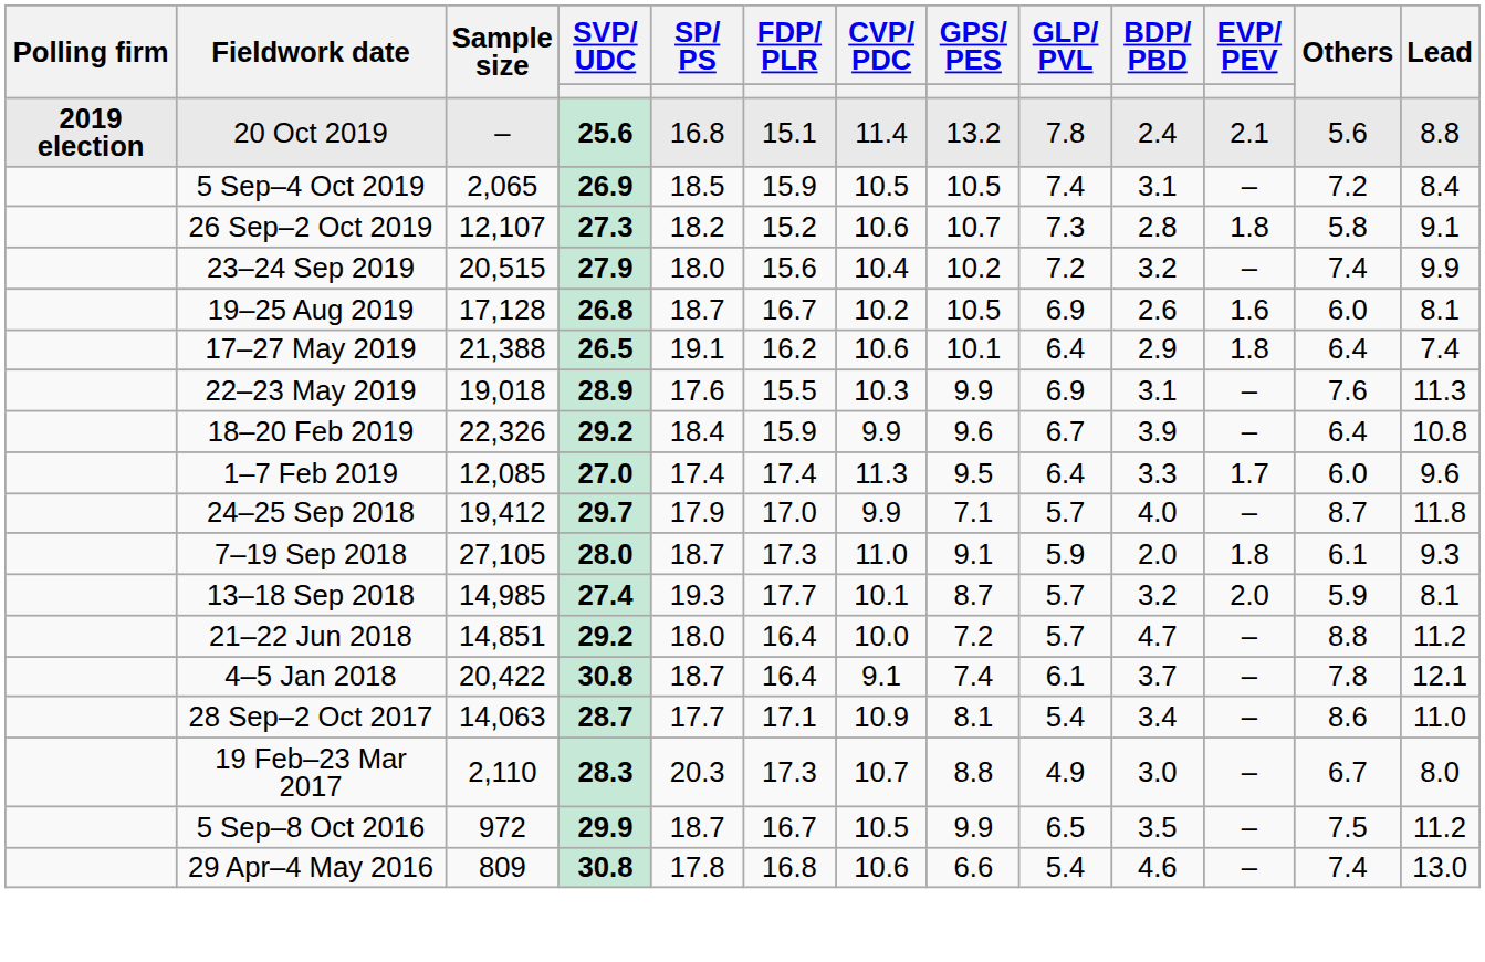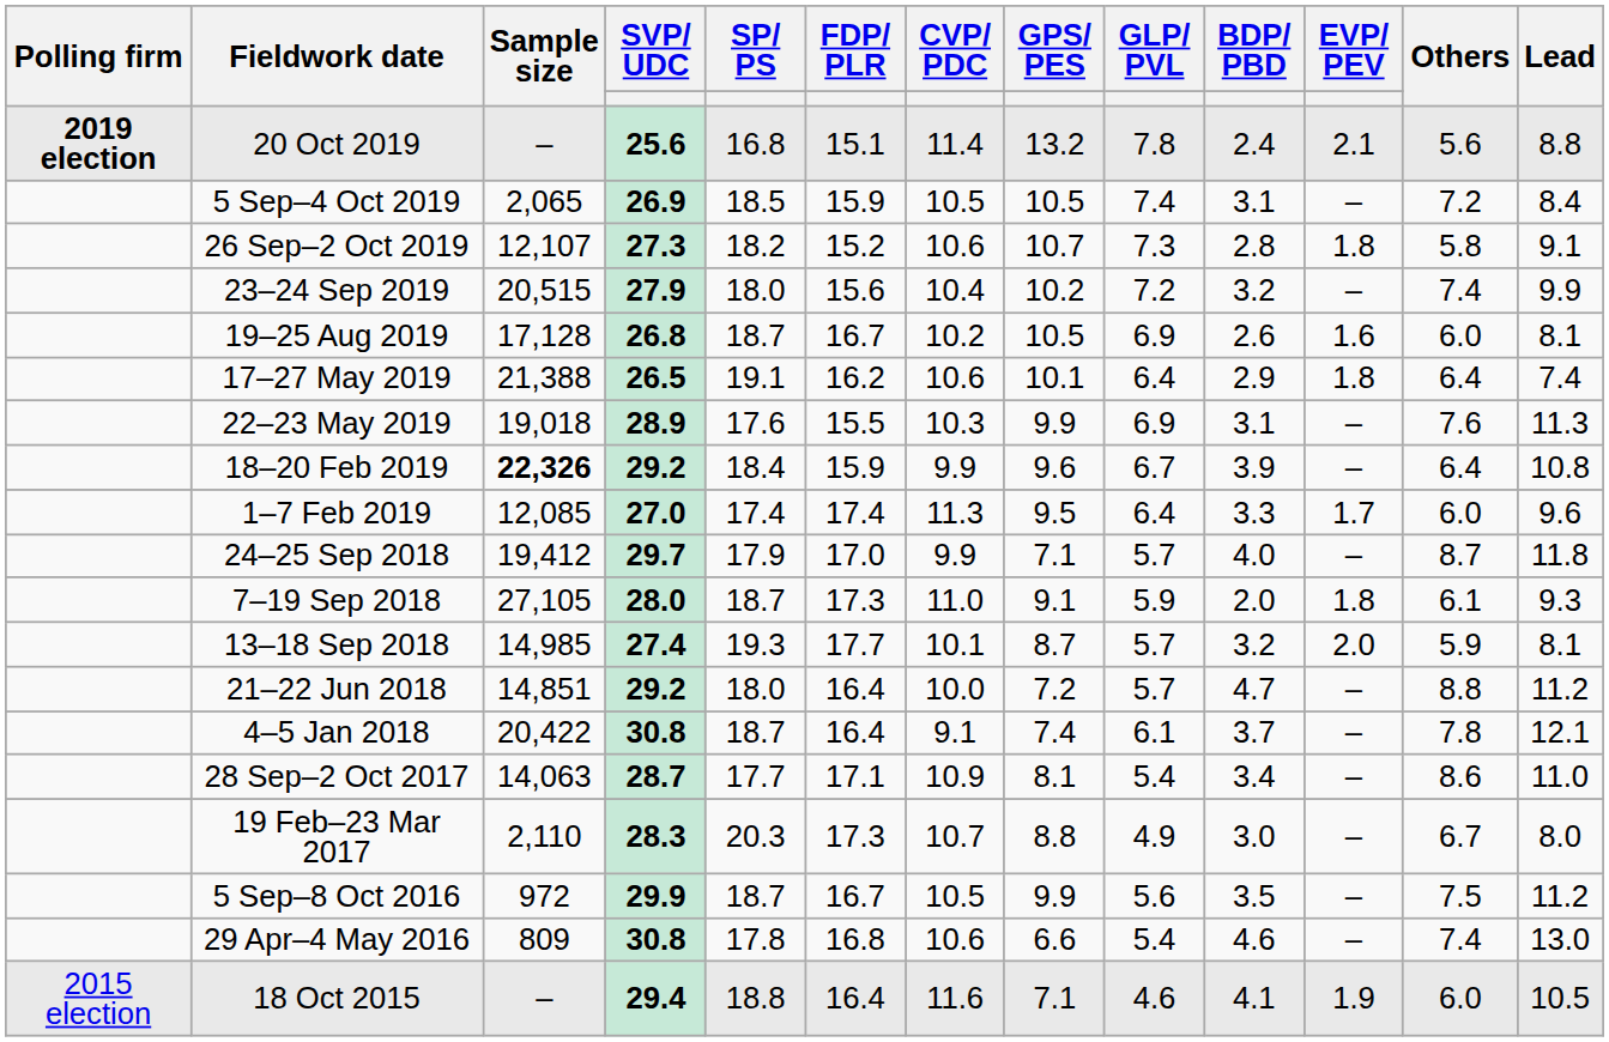 <table class="wikitable sortable" style="text-align:center;font-size:90%;line-height:14px;">
 <tr style="height:40px;">
 <th style="width:80px;" rowspan="2">Polling firm</th>
 <th style="width:130px;" rowspan="2">Fieldwork date</th>
 <th style="width:35px;" rowspan="2">Sample<br>size</th>
 <th class="unsortable" style="width:40px;"><a href='#'>SVP/<br>UDC</a></th>
 <th class="unsortable" style="width:40px;"><a href='#'>SP/<br>PS</a></th>
 <th class="unsortable" style="width:40px;"><a href='#'>FDP/<br>PLR</a></th>
 <th class="unsortable" style="width:40px;"><a href='#'>CVP/<br>PDC</a></th>
 <th class="unsortable" style="width:40px;"><a href='#'>GPS/<br>PES</a></th>
 <th class="unsortable" style="width:40px;"><a href='#'>GLP/<br>PVL</a></th>
 <th class="unsortable" style="width:40px;"><a href='#'>BDP/<br>PBD</a></th>
 <th class="unsortable" style="width:40px;"><a href='#'>EVP/<br>PEV</a></th>
 <th class="unsortable" style="width:30px;" rowspan="2">Others</th>
 <th style="width:30px;" rowspan="2">Lead</th>
 </tr>
 <tr>
 <th style="background:"></th>
 <th style="background:"></th>
 <th style="background:"></th>
 <th style="background:"></th>
 <th style="background:"></th>
 <th style="background:"></th>
 <th style="background:"></th>
 <th style="background:"></th>
 </tr>
 <tr style="background:#E9E9E9;">
 <td><strong>2019 election</strong></td>
 <td data-sort-value="2019-10-20">20 Oct 2019</td>
 <td>–</td>
 <td style="background:#C6E9D7;"><strong>25.6</strong></td>
 <td>16.8</td>
 <td>15.1</td>
 <td>11.4</td>
 <td>13.2</td>
 <td>7.8</td>
 <td>2.4</td>
 <td>2.1</td>
 <td>5.6</td>
 <td style="background:">8.8</td>
 </tr>
 <tr>
 <td></td>
 <td data-sort-value="2019-10-04">5 Sep–4 Oct 2019</td>
 <td>2,065</td>
 <td style="background:#C6E9D7;"><strong>26.9</strong></td>
 <td>18.5</td>
 <td>15.9</td>
 <td>10.5</td>
 <td>10.5</td>
 <td>7.4</td>
 <td>3.1</td>
 <td>–</td>
 <td>7.2</td>
 <td style="background:">8.4</td>
 </tr>
 <tr>
 <td></td>
 <td data-sort-value="2019-10-02">26 Sep–2 Oct 2019</td>
 <td>12,107</td>
 <td style="background:#C6E9D7;"><strong>27.3</strong></td>
 <td>18.2</td>
 <td>15.2</td>
 <td>10.6</td>
 <td>10.7</td>
 <td>7.3</td>
 <td>2.8</td>
 <td>1.8</td>
 <td>5.8</td>
 <td style="background:">9.1</td>
 </tr>
 <tr>
 <td></td>
 <td data-sort-value="2019-09-24">23–24 Sep 2019</td>
 <td>20,515</td>
 <td style="background:#C6E9D7;"><strong>27.9</strong></td>
 <td>18.0</td>
 <td>15.6</td>
 <td>10.4</td>
 <td>10.2</td>
 <td>7.2</td>
 <td>3.2</td>
 <td>–</td>
 <td>7.4</td>
 <td style="background:">9.9</td>
 </tr>
 <tr>
 <td></td>
 <td data-sort-value="2019-08-25">19–25 Aug 2019</td>
 <td>17,128</td>
 <td style="background:#C6E9D7;"><strong>26.8</strong></td>
 <td>18.7</td>
 <td>16.7</td>
 <td>10.2</td>
 <td>10.5</td>
 <td>6.9</td>
 <td>2.6</td>
 <td>1.6</td>
 <td>6.0</td>
 <td style="background:">8.1</td>
 </tr>
 <tr>
 <td></td>
 <td data-sort-value="2019-05-27">17–27 May 2019</td>
 <td>21,388</td>
 <td style="background:#C6E9D7;"><strong>26.5</strong></td>
 <td>19.1</td>
 <td>16.2</td>
 <td>10.6</td>
 <td>10.1</td>
 <td>6.4</td>
 <td>2.9</td>
 <td>1.8</td>
 <td>6.4</td>
 <td style="background:">7.4</td>
 </tr>
 <tr>
 <td></td>
 <td data-sort-value="2019-05-23">22–23 May 2019</td>
 <td>19,018</td>
 <td style="background:#C6E9D7;"><strong>28.9</strong></td>
 <td>17.6</td>
 <td>15.5</td>
 <td>10.3</td>
 <td>9.9</td>
 <td>6.9</td>
 <td>3.1</td>
 <td>–</td>
 <td>7.6</td>
 <td style="background:">11.3</td>
 </tr>
 <tr>
 <td></td>
 <td data-sort-value="2019-02-20">18–20 Feb 2019</td>
-<td>22,326</td>
+<td><strong>22,326</strong></td>
 <td style="background:#C6E9D7;"><strong>29.2</strong></td>
 <td>18.4</td>
 <td>15.9</td>
 <td>9.9</td>
 <td>9.6</td>
 <td>6.7</td>
 <td>3.9</td>
 <td>–</td>
 <td>6.4</td>
 <td style="background:">10.8</td>
 </tr>
 <tr>
 <td></td>
 <td data-sort-value="2019-02-07">1–7 Feb 2019</td>
 <td>12,085</td>
 <td style="background:#C6E9D7;"><strong>27.0</strong></td>
 <td>17.4</td>
 <td>17.4</td>
 <td>11.3</td>
 <td>9.5</td>
 <td>6.4</td>
 <td>3.3</td>
 <td>1.7</td>
 <td>6.0</td>
 <td style="background:">9.6</td>
 </tr>
 <tr>
 <td></td>
 <td data-sort-value="2018-09-25">24–25 Sep 2018</td>
 <td>19,412</td>
 <td style="background:#C6E9D7;"><strong>29.7</strong></td>
 <td>17.9</td>
 <td>17.0</td>
 <td>9.9</td>
 <td>7.1</td>
 <td>5.7</td>
 <td>4.0</td>
 <td>–</td>
 <td>8.7</td>
 <td style="background:">11.8</td>
 </tr>
 <tr>
 <td></td>
 <td data-sort-value="2018-09-19">7–19 Sep 2018</td>
 <td>27,105</td>
 <td style="background:#C6E9D7;"><strong>28.0</strong></td>
 <td>18.7</td>
 <td>17.3</td>
 <td>11.0</td>
 <td>9.1</td>
 <td>5.9</td>
 <td>2.0</td>
 <td>1.8</td>
 <td>6.1</td>
 <td style="background:">9.3</td>
 </tr>
 <tr>
 <td></td>
 <td data-sort-value="2018-09-18">13–18 Sep 2018</td>
 <td>14,985</td>
 <td style="background:#C6E9D7;"><strong>27.4</strong></td>
 <td>19.3</td>
 <td>17.7</td>
 <td>10.1</td>
 <td>8.7</td>
 <td>5.7</td>
 <td>3.2</td>
 <td>2.0</td>
 <td>5.9</td>
 <td style="background:">8.1</td>
 </tr>
 <tr>
 <td></td>
 <td data-sort-value="2018-06-22">21–22 Jun 2018</td>
 <td>14,851</td>
 <td style="background:#C6E9D7;"><strong>29.2</strong></td>
 <td>18.0</td>
 <td>16.4</td>
 <td>10.0</td>
 <td>7.2</td>
 <td>5.7</td>
 <td>4.7</td>
 <td>–</td>
 <td>8.8</td>
 <td style="background:">11.2</td>
 </tr>
 <tr>
 <td></td>
 <td data-sort-value="2018-01-05">4–5 Jan 2018</td>
 <td>20,422</td>
 <td style="background:#C6E9D7;"><strong>30.8</strong></td>
 <td>18.7</td>
 <td>16.4</td>
 <td>9.1</td>
 <td>7.4</td>
 <td>6.1</td>
 <td>3.7</td>
 <td>–</td>
 <td>7.8</td>
 <td style="background:">12.1</td>
 </tr>
 <tr>
 <td></td>
 <td data-sort-value="2017-10-02">28 Sep–2 Oct 2017</td>
 <td>14,063</td>
 <td style="background:#C6E9D7;"><strong>28.7</strong></td>
 <td>17.7</td>
 <td>17.1</td>
 <td>10.9</td>
 <td>8.1</td>
 <td>5.4</td>
 <td>3.4</td>
 <td>–</td>
 <td>8.6</td>
 <td style="background:">11.0</td>
 </tr>
 <tr>
 <td></td>
 <td data-sort-value="2017-03-23">19 Feb–23 Mar 2017</td>
 <td>2,110</td>
 <td style="background:#C6E9D7;"><strong>28.3</strong></td>
 <td>20.3</td>
 <td>17.3</td>
 <td>10.7</td>
 <td>8.8</td>
 <td>4.9</td>
 <td>3.0</td>
 <td>–</td>
 <td>6.7</td>
 <td style="background:">8.0</td>
 </tr>
 <tr>
 <td></td>
 <td data-sort-value="2016-10-08">5 Sep–8 Oct 2016</td>
 <td>972</td>
 <td style="background:#C6E9D7;"><strong>29.9</strong></td>
 <td>18.7</td>
 <td>16.7</td>
 <td>10.5</td>
 <td>9.9</td>
-<td>6.5</td>
+<td>5.6</td>
 <td>3.5</td>
 <td>–</td>
 <td>7.5</td>
 <td style="background:">11.2</td>
 </tr>
 <tr>
 <td></td>
 <td data-sort-value="2016-05-04">29 Apr–4 May 2016</td>
 <td>809</td>
 <td style="background:#C6E9D7;"><strong>30.8</strong></td>
 <td>17.8</td>
 <td>16.8</td>
 <td>10.6</td>
 <td>6.6</td>
 <td>5.4</td>
 <td>4.6</td>
 <td>–</td>
 <td>7.4</td>
 <td style="background:">13.0</td>
 </tr>
+<tr style="background:#E9E9E9;">
+<td><a href='#'>2015 election</a></td>
+<td data-sort-value="2015-10-18">18 Oct 2015</td>
+<td>–</td>
+<td style="background:#C6E9D7;"><strong>29.4</strong></td>
+<td>18.8</td>
+<td>16.4</td>
+<td>11.6</td>
+<td>7.1</td>
+<td>4.6</td>
+<td>4.1</td>
+<td>1.9</td>
+<td>6.0</td>
+<td style="background:">10.5</td>
+</tr>
 </table>
